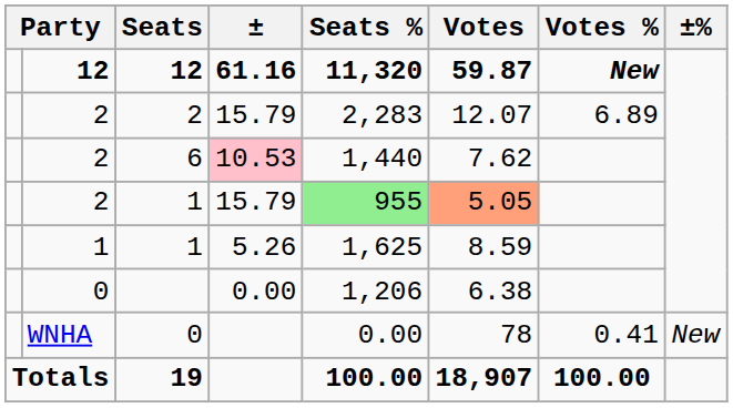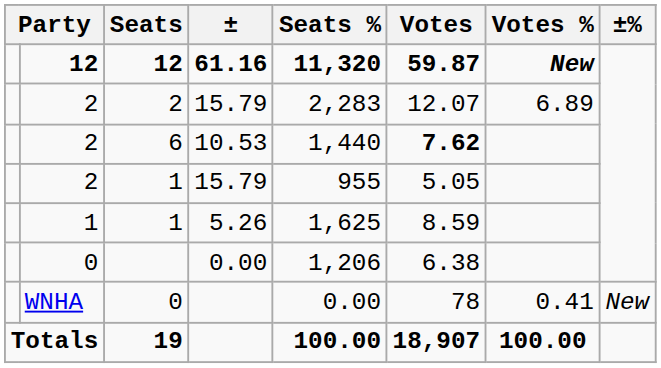 <table class=wikitable>
 <tr>
 <th colspan=2 align=center>Party</th>
 <th valign=top>Seats</th>
 <th valign=top>±</th>
 <th valign=top>Seats %</th>
 <th valign=top>Votes</th>
 <th valign=top>Votes %</th>
 <th valign=top>±%</th>
 </tr>
 <tr>
 <td></td>
 <td align=right><strong>12</strong></td>
 <td align=right><strong>12</strong></td>
 <td align=right><strong>61.16</strong></td>
 <td align=right><strong>11,320</strong></td>
 <td align=right><strong>59.87</strong></td>
 <td align=right><strong><em>New</em></strong></td>
 </tr>
 <tr>
 <td></td>
 <td align=right>2</td>
 <td align=right>2</td>
 <td align=right>15.79</td>
 <td align=right>2,283</td>
 <td align=right>12.07</td>
 <td align=right>6.89</td>
 </tr>
 <tr>
 <td></td>
 <td align=right>2</td>
 <td align=right>6</td>
-<td align=right style="background: pink;">10.53</td>
+<td align=right>10.53</td>
 <td align=right>1,440</td>
-<td align=right>7.62</td>
+<td align=right><strong>7.62</strong></td>
 <td align=right></td>
 </tr>
 <tr>
 <td></td>
 <td align=right>2</td>
 <td align=right>1</td>
 <td align=right>15.79</td>
-<td align=right style="background: lightgreen;">955</td>
-<td align=right style="background: lightsalmon;">5.05</td>
+<td align=right>955</td>
+<td align=right>5.05</td>
 <td align=right></td>
 </tr>
 <tr>
 <td></td>
 <td align=right>1</td>
 <td align=right>1</td>
 <td align=right>5.26</td>
 <td align=right>1,625</td>
 <td align=right>8.59</td>
 <td align=right></td>
 </tr>
 <tr>
 <td></td>
 <td align=right>0</td>
 <td align=right></td>
 <td align=right>0.00</td>
 <td align=right>1,206</td>
 <td align=right>6.38</td>
 <td align=right></td>
 </tr>
 <tr>
 <td></td>
 <td><a href='#'>WNHA</a></td>
 <td align=right>0</td>
 <td align=right></td>
 <td align=right>0.00</td>
 <td align=right>78</td>
 <td align=right>0.41</td>
 <td align=right><em>New</em></td>
 </tr>
 <tr>
 <td colspan=2 align=center><strong>Totals</strong></td>
 <td align=right><strong>19</strong></td>
 <td align=center><strong></strong></td>
 <td align=right><strong>100.00</strong></td>
 <td align=right><strong>18,907</strong></td>
 <td align=center><strong>100.00</strong></td>
 <td align=center><strong></strong></td>
 </tr>
 </table>
